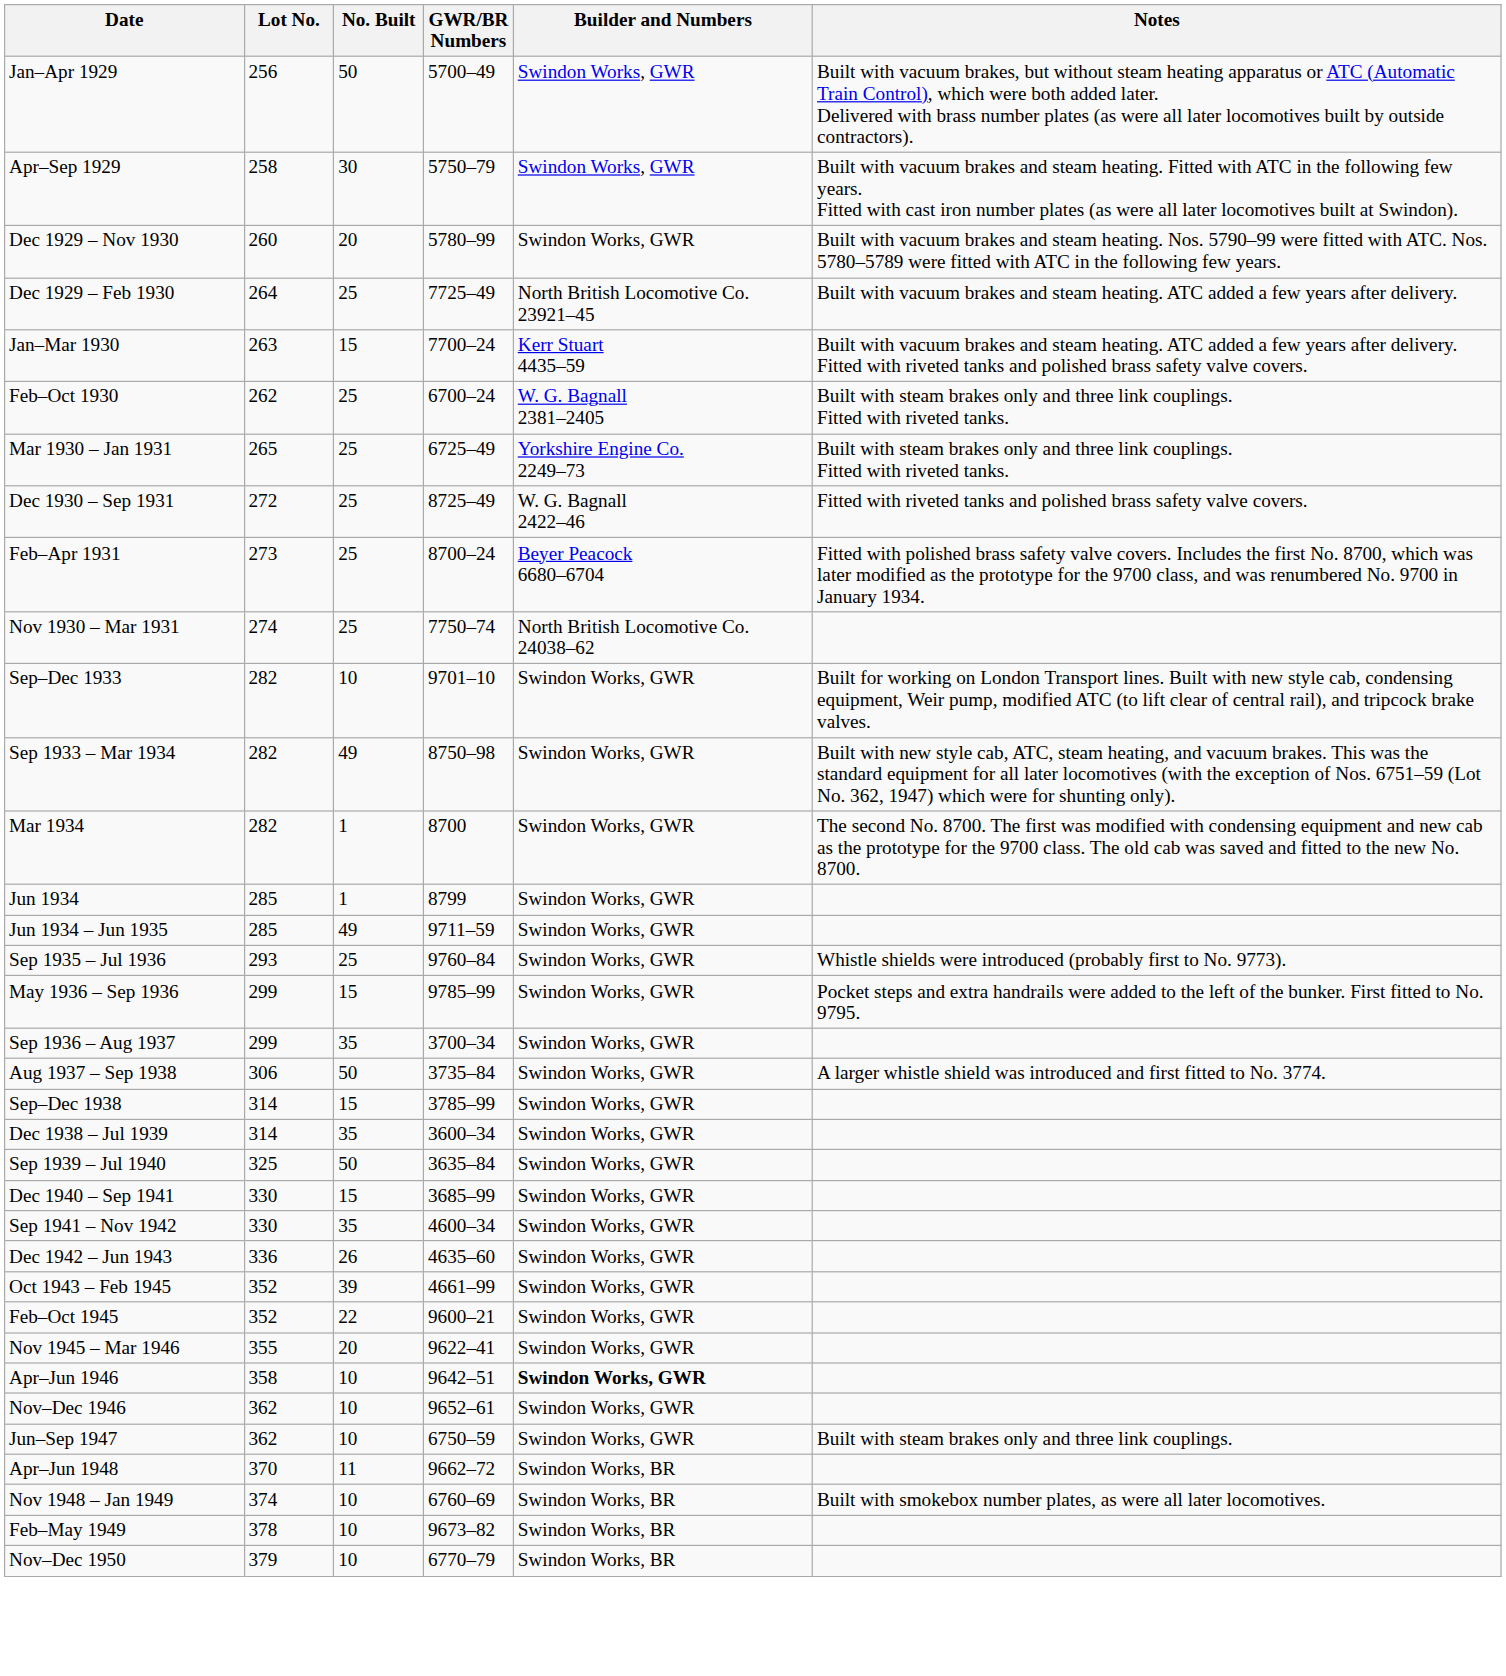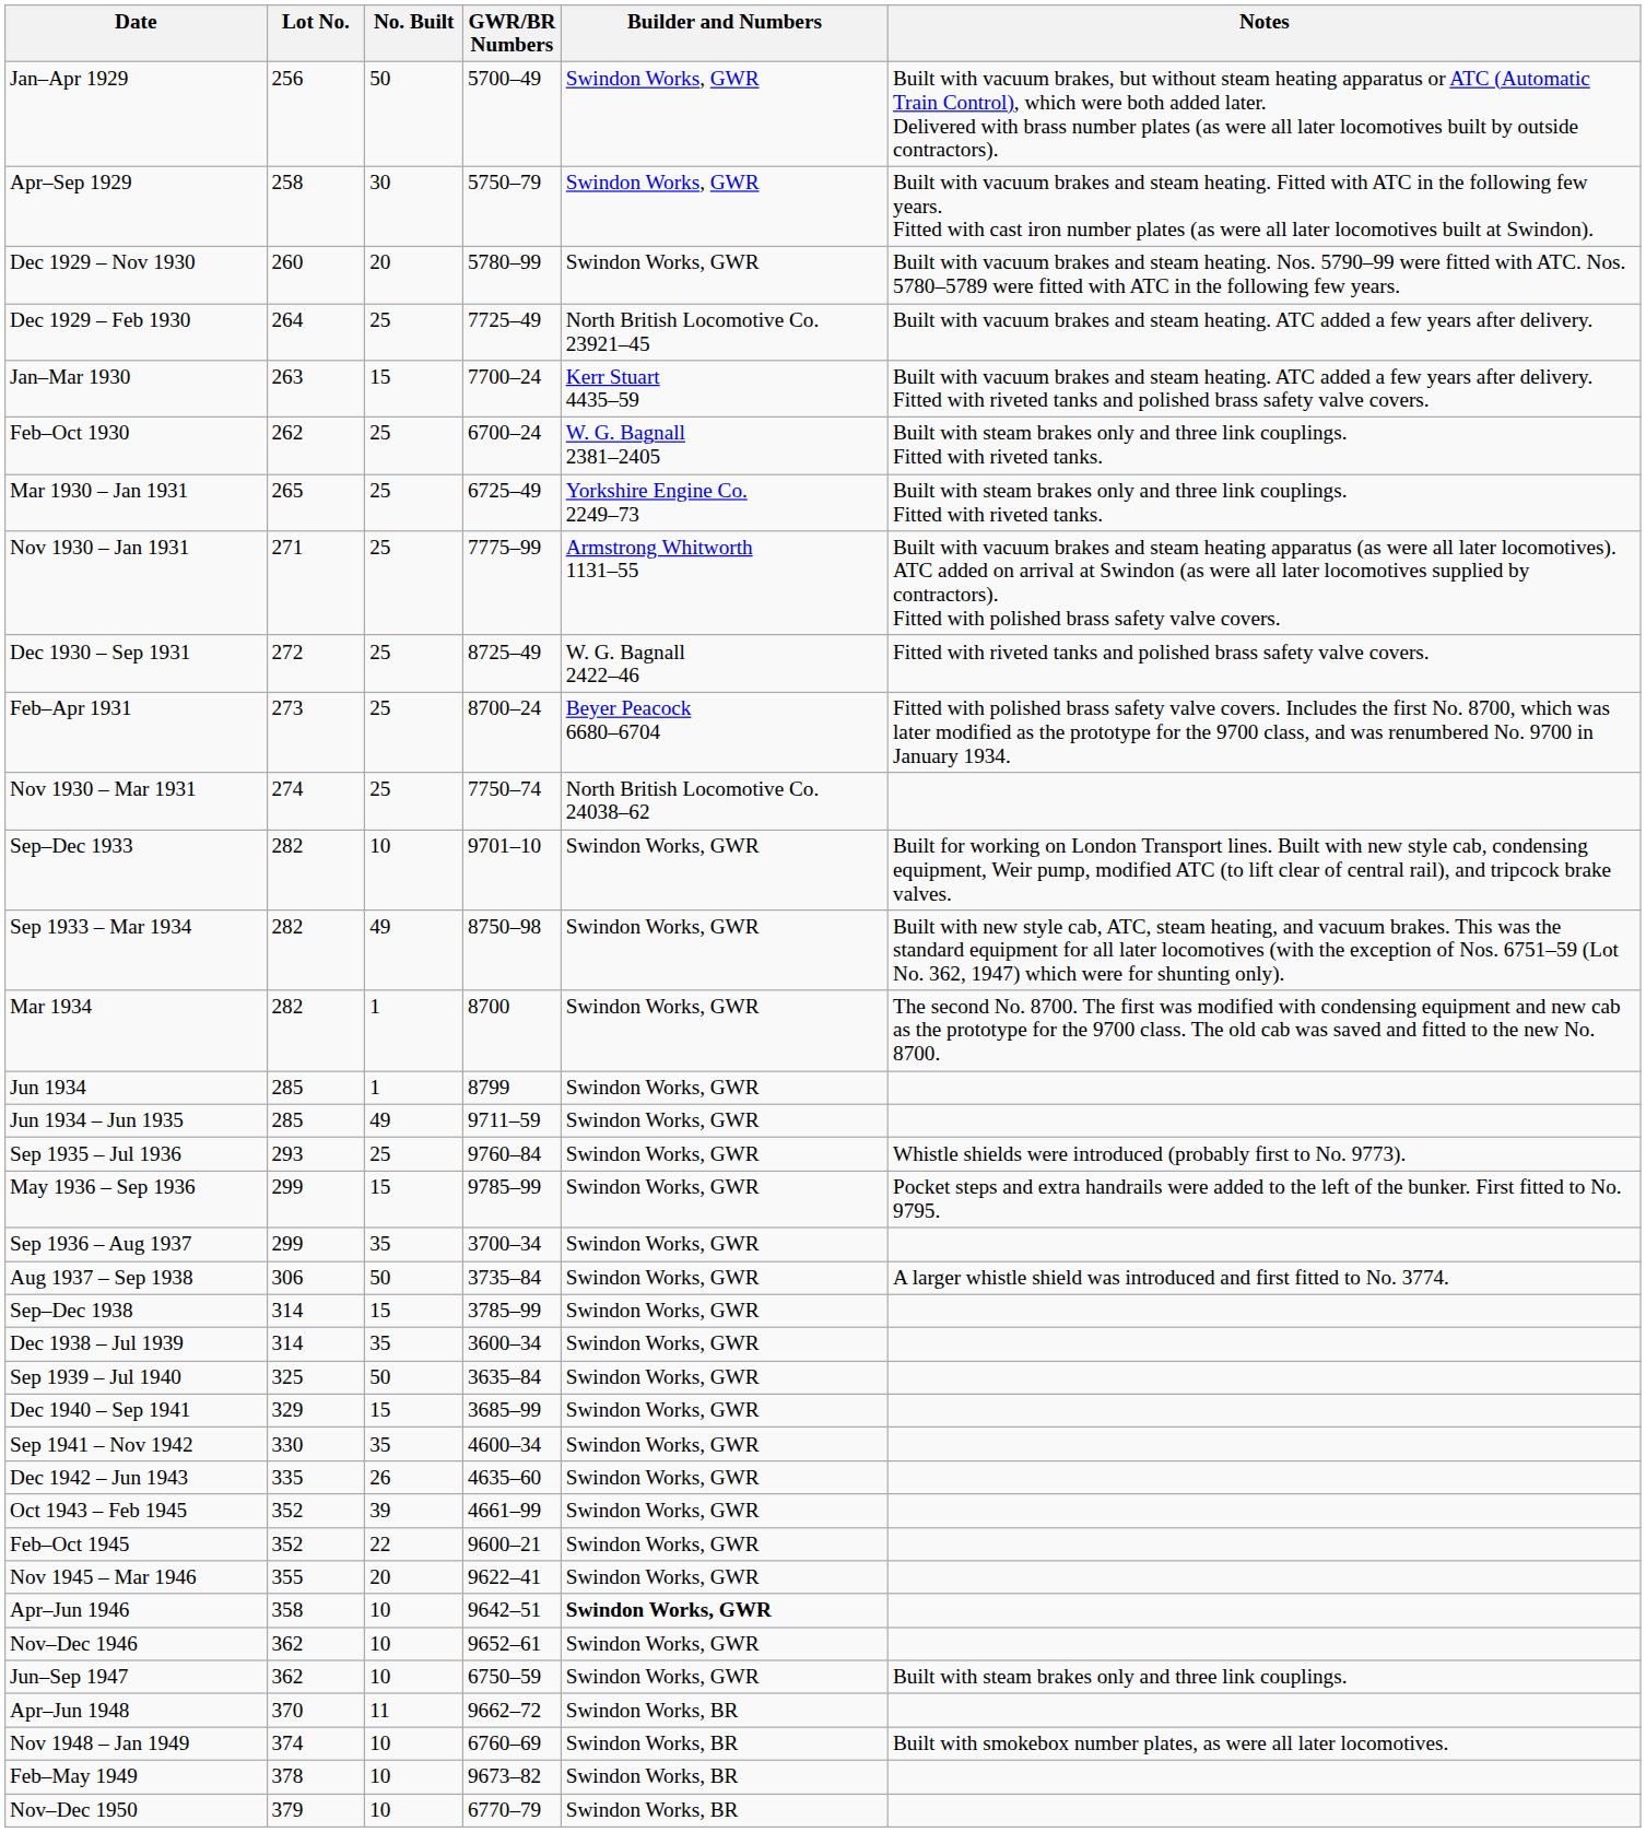 <table class="wikitable sortable" summary="A six column table arranged by date.">
 <tr valign="top">
 <th style="width:16%;">Date</th>
 <th style="width:6%;">Lot No.</th>
 <th style="width:6%;">No. Built</th>
 <th style="width:6%;">GWR/BR Numbers</th>
 <th style="width:20%;">Builder and Numbers</th>
 <th style="width:46%;" class="unsortable">Notes<br></th>
 </tr>
 <tr valign="top">
 <td data-sort-value="192901">Jan–Apr 1929</td>
 <td>256</td>
 <td>50</td>
 <td>5700–49</td>
 <td><a href='#'>Swindon Works</a>, <a href='#'>GWR</a></td>
 <td>Built with vacuum brakes, but without steam heating apparatus or <a href='#'>ATC (Automatic Train Control)</a>, which were both added later.<br>Delivered with brass number plates (as were all later locomotives built by outside contractors). </td>
 </tr>
 <tr valign="top">
 <td data-sort-value="192904">Apr–Sep 1929</td>
 <td>258</td>
 <td>30</td>
 <td>5750–79</td>
 <td><a href='#'>Swindon Works</a>, <a href='#'>GWR</a></td>
 <td>Built with vacuum brakes and steam heating. Fitted with ATC in the following few years.<br>Fitted with cast iron number plates (as were all later locomotives built at Swindon).  </td>
 </tr>
 <tr valign="top">
 <td data-sort-value="192912a">Dec 1929 – Nov 1930</td>
 <td>260</td>
 <td>20</td>
 <td>5780–99</td>
 <td>Swindon Works, GWR</td>
 <td>Built with vacuum brakes and steam heating. Nos. 5790–99 were fitted with ATC. Nos. 5780–5789 were fitted with ATC in the following few years.<br></td>
 </tr>
 <tr valign="top">
 <td data-sort-value="192912b">Dec 1929 – Feb 1930</td>
 <td>264</td>
 <td>25</td>
 <td>7725–49</td>
 <td>North British Locomotive Co.<br>23921–45</td>
 <td>Built with vacuum brakes and steam heating. ATC added a few years after delivery.<br></td>
 </tr>
 <tr valign="top">
 <td data-sort-value="193001">Jan–Mar 1930</td>
 <td>263</td>
 <td>15</td>
 <td>7700–24</td>
 <td><a href='#'>Kerr Stuart</a><br>4435–59</td>
 <td>Built with vacuum brakes and steam heating. ATC added a few years after delivery.<br>Fitted with riveted tanks and polished brass safety valve covers.  </td>
 </tr>
 <tr valign="top">
 <td data-sort-value="193002">Feb–Oct 1930</td>
 <td>262</td>
 <td>25</td>
 <td>6700–24</td>
 <td><a href='#'>W. G. Bagnall</a><br>2381–2405</td>
 <td>Built with steam brakes only and three link couplings.<br>Fitted with riveted tanks. </td>
 </tr>
 <tr valign="top">
 <td data-sort-value="193003">Mar 1930 – Jan 1931</td>
 <td>265</td>
 <td>25</td>
 <td>6725–49</td>
 <td><a href='#'>Yorkshire Engine Co.</a><br>2249–73</td>
 <td>Built with steam brakes only and three link couplings.<br>Fitted with riveted tanks. </td>
+</tr>
+<tr valign="top">
+<td data-sort-value="193011">Nov 1930 – Jan 1931</td>
+<td>271</td>
+<td>25</td>
+<td>7775–99</td>
+<td><a href='#'>Armstrong Whitworth</a><br>1131–55</td>
+<td>Built with vacuum brakes and steam heating apparatus (as were all later locomotives). ATC added on arrival at Swindon (as were all later locomotives supplied by contractors).<br>Fitted with polished brass safety valve covers.  </td>
 </tr>
 <tr valign="top">
 <td data-sort-value="193012">Dec 1930 – Sep 1931</td>
 <td>272</td>
 <td>25</td>
 <td>8725–49</td>
 <td>W. G. Bagnall<br>2422–46</td>
 <td>Fitted with riveted tanks and polished brass safety valve covers.<br></td>
 </tr>
 <tr valign="top">
 <td data-sort-value="193102">Feb–Apr 1931</td>
 <td>273</td>
 <td>25</td>
 <td>8700–24</td>
 <td><a href='#'>Beyer Peacock</a><br>6680–6704</td>
 <td>Fitted with polished brass safety valve covers. Includes the first No. 8700, which was later modified as the prototype for the 9700 class, and was renumbered No. 9700 in January 1934.<br></td>
 </tr>
 <tr valign="top">
 <td data-sort-value="193011">Nov 1930 – Mar 1931</td>
 <td>274</td>
 <td>25</td>
 <td>7750–74</td>
 <td>North British Locomotive Co.<br>24038–62</td>
 <td><br></td>
 </tr>
 <tr valign="top">
 <td data-sort-value="193311a">Sep–Dec 1933</td>
 <td>282</td>
 <td>10</td>
 <td>9701–10</td>
 <td>Swindon Works, GWR</td>
 <td>Built for working on London Transport lines. Built with new style cab, condensing equipment, Weir pump, modified ATC (to lift clear of central rail), and tripcock brake valves.<br></td>
 </tr>
 <tr valign="top">
 <td data-sort-value=193311b>Sep 1933 – Mar 1934</td>
 <td>282</td>
 <td>49</td>
 <td>8750–98</td>
 <td>Swindon Works, GWR</td>
 <td>Built with new style cab, ATC, steam heating, and vacuum brakes. This was the standard equipment for all later locomotives (with the exception of Nos. 6751–59 (Lot No. 362, 1947) which were for shunting only).<br></td>
 </tr>
 <tr valign="top">
 <td data-sort-value="193403">Mar 1934</td>
 <td>282</td>
 <td>1</td>
 <td>8700</td>
 <td>Swindon Works, GWR</td>
 <td>The second No. 8700. The first was modified with condensing equipment and new cab as the prototype for the 9700 class. The old cab was saved and fitted to the new No. 8700.<br></td>
 </tr>
 <tr valign="top">
 <td data-sort-value="193406a">Jun 1934</td>
 <td>285</td>
 <td>1</td>
 <td>8799</td>
 <td>Swindon Works, GWR</td>
 <td><br></td>
 </tr>
 <tr valign="top">
 <td data-sort-value="193406b">Jun 1934 – Jun 1935</td>
 <td>285</td>
 <td>49</td>
 <td>9711–59</td>
 <td>Swindon Works, GWR</td>
 <td><br></td>
 </tr>
 <tr valign="top">
 <td data-sort-value="193509">Sep 1935 – Jul 1936</td>
 <td>293</td>
 <td>25</td>
 <td>9760–84</td>
 <td>Swindon Works, GWR</td>
 <td>Whistle shields were introduced (probably first to No. 9773).<br></td>
 </tr>
 <tr valign="top">
 <td data-sort-value="193605">May 1936 – Sep 1936</td>
 <td>299</td>
 <td>15</td>
 <td>9785–99</td>
 <td>Swindon Works, GWR</td>
 <td>Pocket steps and extra handrails were added to the left of the bunker. First fitted to No. 9795.<br></td>
 </tr>
 <tr valign="top">
 <td data-sort-value="193609">Sep 1936 – Aug 1937</td>
 <td>299</td>
 <td>35</td>
 <td>3700–34</td>
 <td>Swindon Works, GWR</td>
 <td><br></td>
 </tr>
 <tr valign="top">
 <td data-sort-value="193708">Aug 1937 – Sep 1938</td>
 <td>306</td>
 <td>50</td>
 <td>3735–84</td>
 <td>Swindon Works, GWR</td>
 <td>A larger whistle shield was introduced and first fitted to No. 3774.<br></td>
 </tr>
 <tr valign="top">
 <td data-sort-value="193809">Sep–Dec 1938</td>
 <td>314</td>
 <td>15</td>
 <td>3785–99</td>
 <td>Swindon Works, GWR</td>
 <td><br></td>
 </tr>
 <tr valign="top">
 <td data-sort-value="193812">Dec 1938 – Jul 1939</td>
 <td>314</td>
 <td>35</td>
 <td>3600–34</td>
 <td>Swindon Works, GWR</td>
 <td><br></td>
 </tr>
 <tr valign="top">
 <td data-sort-value="193909">Sep 1939 – Jul 1940</td>
 <td>325</td>
 <td>50</td>
 <td>3635–84</td>
 <td>Swindon Works, GWR</td>
 <td><br></td>
 </tr>
 <tr valign="top">
 <td data-sort-value="194012">Dec 1940 – Sep 1941</td>
-<td>330</td>
+<td>329</td>
 <td>15</td>
 <td>3685–99</td>
 <td>Swindon Works, GWR</td>
 <td><br></td>
 </tr>
 <tr valign="top">
 <td data-sort-value="194109">Sep 1941 – Nov 1942</td>
 <td>330</td>
 <td>35</td>
 <td>4600–34</td>
 <td>Swindon Works, GWR</td>
 <td><br></td>
 </tr>
 <tr valign="top">
 <td data-sort-value="194212">Dec 1942 – Jun 1943</td>
-<td>336</td>
+<td>335</td>
 <td>26</td>
 <td>4635–60</td>
 <td>Swindon Works, GWR</td>
 <td><br></td>
 </tr>
 <tr valign="top">
 <td data-sort-value="194310">Oct 1943 – Feb 1945</td>
 <td>352</td>
 <td>39</td>
 <td>4661–99</td>
 <td>Swindon Works, GWR</td>
 <td><br></td>
 </tr>
 <tr valign="top">
 <td data-sort-value="194510">Feb–Oct 1945</td>
 <td>352</td>
 <td>22</td>
 <td>9600–21</td>
 <td>Swindon Works, GWR</td>
 <td><br></td>
 </tr>
 <tr valign="top">
 <td data-sort-value="194511">Nov 1945 – Mar 1946</td>
 <td>355</td>
 <td>20</td>
 <td>9622–41</td>
 <td>Swindon Works, GWR</td>
 <td><br></td>
 </tr>
 <tr valign="top">
 <td data-sort-value="194604">Apr–Jun 1946</td>
 <td>358</td>
 <td>10</td>
 <td>9642–51</td>
 <td><strong>Swindon Works, GWR</strong></td>
 <td><br></td>
 </tr>
 <tr valign="top">
 <td data-sort-value="194611">Nov–Dec 1946</td>
 <td>362</td>
 <td>10</td>
 <td>9652–61</td>
 <td>Swindon Works, GWR</td>
 <td><br></td>
 </tr>
 <tr valign="top">
 <td data-sort-value="194706">Jun–Sep 1947</td>
 <td>362</td>
 <td>10</td>
 <td>6750–59</td>
 <td>Swindon Works, GWR</td>
 <td>Built with steam brakes only and three link couplings.<br></td>
 </tr>
 <tr valign="top">
 <td data-sort-value="194804">Apr–Jun 1948</td>
 <td>370</td>
 <td>11</td>
 <td>9662–72</td>
 <td>Swindon Works, BR</td>
 <td><br></td>
 </tr>
 <tr valign="top">
 <td data-sort-value="194811">Nov 1948 – Jan 1949</td>
 <td>374</td>
 <td>10</td>
 <td>6760–69</td>
 <td>Swindon Works, BR</td>
 <td>Built with smokebox number plates, as were all later locomotives.<br></td>
 </tr>
 <tr valign="top">
 <td data-sort-value="194902">Feb–May 1949</td>
 <td>378</td>
 <td>10</td>
 <td>9673–82</td>
 <td>Swindon Works, BR</td>
 <td><br></td>
 </tr>
 <tr valign="top">
 <td data-sort-value="195011">Nov–Dec 1950</td>
 <td>379</td>
 <td>10</td>
 <td>6770–79</td>
 <td>Swindon Works, BR</td>
 <td></td>
 </tr>
 </table>
